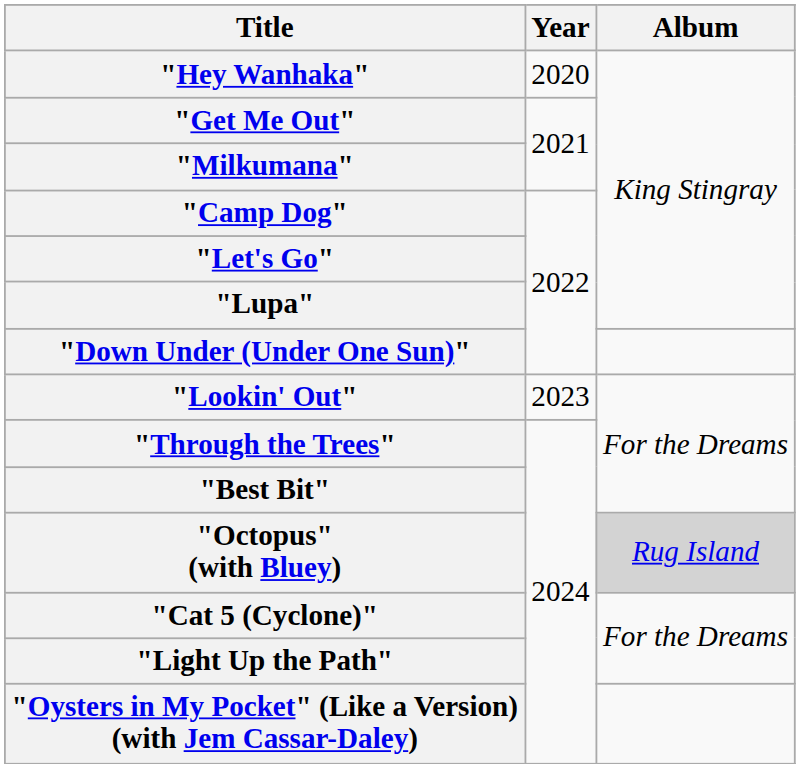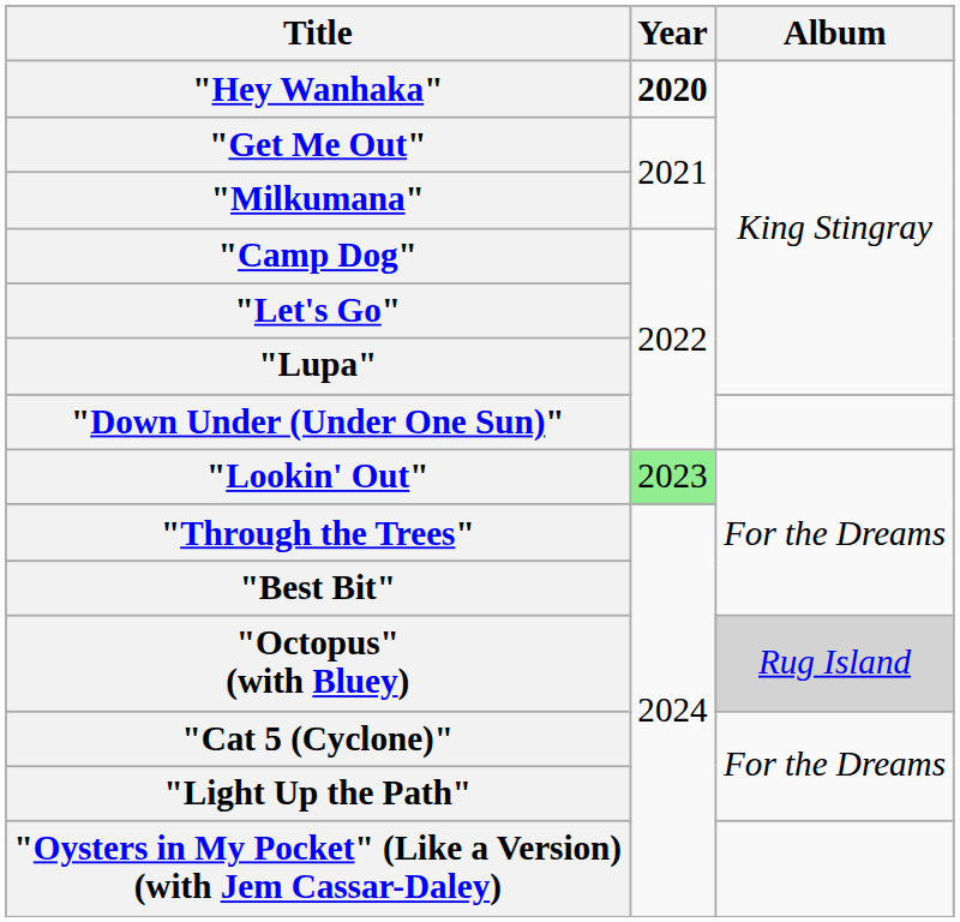 <table class="wikitable plainrowheaders" style="text-align:center;">
 <tr>
 <th scope="col">Title</th>
 <th scope="col">Year</th>
 <th scope="col">Album</th>
 </tr>
 <tr>
 <th scope="row">"<a href='#'>Hey Wanhaka</a>"</th>
-<td>2020</td>
+<td><strong>2020</strong></td>
 <td rowspan="6"><em>King Stingray</em></td>
 </tr>
 <tr>
 <th scope="row">"<a href='#'>Get Me Out</a>"</th>
 <td rowspan="2">2021</td>
 </tr>
 <tr>
 <th scope="row">"<a href='#'>Milkumana</a>"</th>
 </tr>
 <tr>
 <th scope="row">"<a href='#'>Camp Dog</a>"</th>
 <td rowspan="4">2022</td>
 </tr>
 <tr>
 <th scope="row">"<a href='#'>Let's Go</a>"</th>
 </tr>
 <tr>
 <th scope="row">"Lupa"</th>
 </tr>
 <tr>
 <th scope="row">"<a href='#'>Down Under (Under One Sun)</a>"</th>
 <td></td>
 </tr>
 <tr>
 <th scope="row">"<a href='#'>Lookin' Out</a>"</th>
-<td>2023</td>
+<td style="background: lightgreen;">2023</td>
 <td rowspan="3"><em>For the Dreams</em></td>
 </tr>
 <tr>
 <th scope="row">"<a href='#'>Through the Trees</a>"</th>
 <td rowspan="6">2024</td>
 </tr>
 <tr>
 <th scope="row">"Best Bit"</th>
 </tr>
 <tr>
 <th scope="row">"Octopus"<br>(with <a href='#'>Bluey</a>)</th>
 <td style="background: lightgrey;"><em><a href='#'>Rug Island</a></em></td>
 </tr>
 <tr>
 <th scope="row">"Cat 5 (Cyclone)"</th>
 <td rowspan="2"><em>For the Dreams</em></td>
 </tr>
 <tr>
 <th scope="row">"Light Up the Path"</th>
 </tr>
 <tr>
 <th scope="row">"<a href='#'>Oysters in My Pocket</a>" (Like a Version) <br> (with <a href='#'>Jem Cassar-Daley</a>)</th>
 <td></td>
 </tr>
 <tr>
 </tr>
 </table>
